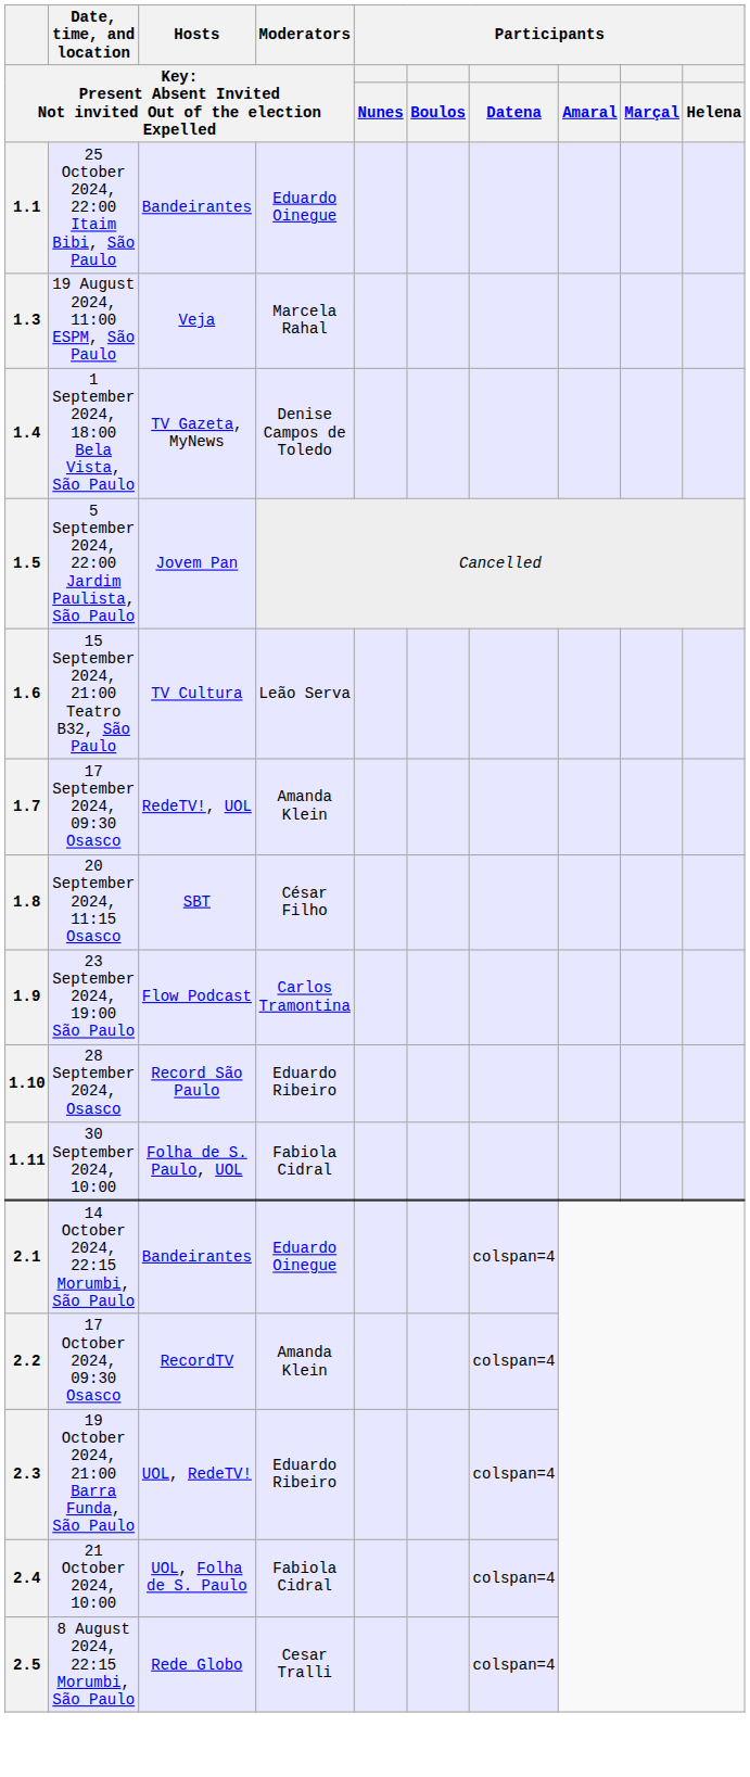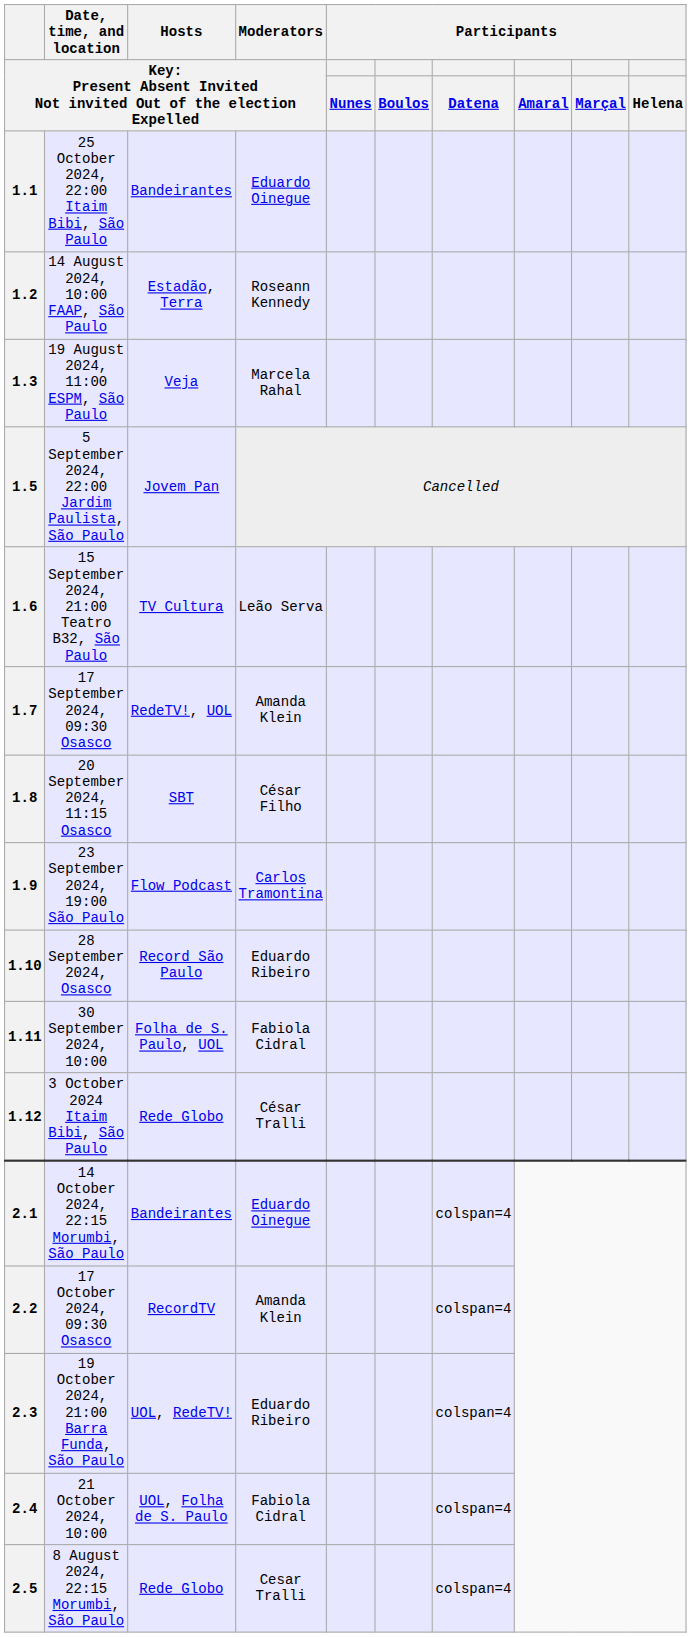 <table class=wikitable style=text-align:center>
 <tr>
 <th></th>
 <th>Date, time, and location</th>
 <th>Hosts</th>
 <th>Moderators</th>
 <th colspan=6 scope=col>Participants</th>
 </tr>
 <tr>
 <th colspan=4 rowspan=2>Key:<br> Present  Absent  Invited<br> Not invited  Out of the election  Expelled</th>
 <th scope=col style=background:><a href='#'></a></th>
 <th scope=col style=background:><a href='#'></a></th>
 <th scope=col style=background:><a href='#'></a></th>
 <th scope=col style=background:><a href='#'></a></th>
 <th scope=col style=background:><a href='#'></a></th>
 <th scope=col style=background:><a href='#'></a></th>
 </tr>
 <tr>
 <th><a href='#'>Nunes</a></th>
 <th><a href='#'>Boulos</a></th>
 <th><a href='#'>Datena</a></th>
 <th><a href='#'>Amaral</a></th>
 <th><a href='#'>Marçal</a></th>
 <th>Helena</th>
 </tr>
 <tr style=background:#e7e7ff>
 <th scope=row style=text-align:center>1.1</th>
 <td style=max-width:12em>25 October 2024, 22:00<br><a href='#'>Itaim Bibi</a>, <a href='#'>São Paulo</a></td>
 <td style=max-width:12em><a href='#'>Bandeirantes</a></td>
 <td style=max-width:16em><a href='#'>Eduardo Oinegue</a></td>
 <td></td>
 <td></td>
 <td></td>
 <td></td>
 <td></td>
 <td></td>
 </tr>
 <tr style=background:#e7e7ff>
-<th scope=row style=text-align:center>1.3</th>
-<td style=max-width:12em>19 August 2024, 11:00<br><a href='#'>ESPM</a>, <a href='#'>São Paulo</a></td>
-<td style=max-width:12em><a href='#'>Veja</a></td>
-<td style=max-width:16em>Marcela Rahal</td>
+<th scope=row style=text-align:center>1.2</th>
+<td style=max-width:12em>14 August 2024, 10:00<br><a href='#'>FAAP</a>, <a href='#'>São Paulo</a></td>
+<td style=max-width:12em><a href='#'>Estadão</a>, <a href='#'>Terra</a></td>
+<td style=max-width:16em>Roseann Kennedy</td>
 <td></td>
 <td></td>
 <td></td>
 <td></td>
 <td></td>
 <td></td>
 </tr>
 <tr style=background:#e7e7ff>
-<th scope=row style=text-align:center>1.4</th>
-<td style=max-width:12em>1 September 2024, 18:00<br><a href='#'>Bela Vista</a>, <a href='#'>São Paulo</a></td>
-<td style=max-width:12em><a href='#'>TV Gazeta</a>, MyNews</td>
-<td style=max-width:16em>Denise Campos de Toledo</td>
+<th scope=row style=text-align:center>1.3</th>
+<td style=max-width:12em>19 August 2024, 11:00<br><a href='#'>ESPM</a>, <a href='#'>São Paulo</a></td>
+<td style=max-width:12em><a href='#'>Veja</a></td>
+<td style=max-width:16em>Marcela Rahal</td>
 <td></td>
 <td></td>
 <td></td>
 <td></td>
 <td></td>
 <td></td>
 </tr>
 <tr style=background:#e7e7ff>
 <th scope=row style=text-align:center>1.5</th>
 <td style=max-width:12em>5 September 2024, 22:00<br><a href='#'>Jardim Paulista</a>, <a href='#'>São Paulo</a></td>
 <td style=max-width:12em><a href='#'>Jovem Pan</a></td>
 <td colspan=7 style=background:#EEE><em>Cancelled</em></td>
 </tr>
 <tr style=background:#e7e7ff>
 <th scope=row style=text-align:center>1.6</th>
 <td style=max-width:12em>15 September 2024, 21:00<br>Teatro B32, <a href='#'>São Paulo</a></td>
 <td style=max-width:12em><a href='#'>TV Cultura</a></td>
 <td style=max-width:16em>Leão Serva</td>
 <td></td>
 <td></td>
 <td></td>
 <td></td>
 <td></td>
 <td></td>
 </tr>
 <tr style=background:#e7e7ff>
 <th scope=row style=text-align:center>1.7</th>
 <td style=max-width:12em>17 September 2024, 09:30<br><a href='#'>Osasco</a></td>
 <td style=max-width:12em><a href='#'>RedeTV!</a>, <a href='#'>UOL</a></td>
 <td style=max-width:16em>Amanda Klein</td>
 <td></td>
 <td></td>
 <td></td>
 <td></td>
 <td></td>
 <td></td>
 </tr>
 <tr style=background:#e7e7ff>
 <th scope=row style=text-align:center>1.8</th>
 <td style=max-width:12em>20 September 2024, 11:15<br><a href='#'>Osasco</a></td>
 <td style=max-width:12em><a href='#'>SBT</a></td>
 <td style=max-width:16em>César Filho</td>
 <td></td>
 <td></td>
 <td></td>
 <td></td>
 <td></td>
 <td></td>
 </tr>
 <tr style=background:#e7e7ff>
 <th scope=row style=text-align:center>1.9</th>
 <td style=max-width:12em>23 September 2024, 19:00<br><a href='#'>São Paulo</a></td>
 <td style=max-width:12em><a href='#'>Flow Podcast</a></td>
 <td style=max-width:16em><a href='#'>Carlos Tramontina</a></td>
 <td></td>
 <td></td>
 <td></td>
 <td></td>
 <td></td>
 <td></td>
 </tr>
 <tr style=background:#e7e7ff>
 <th scope=row style=text-align:center>1.10</th>
 <td style=max-width:12em>28 September 2024, <a href='#'>Osasco</a></td>
 <td style=max-width:12em><a href='#'>Record São Paulo</a></td>
 <td style=max-width:16em>Eduardo Ribeiro</td>
 <td></td>
 <td></td>
 <td></td>
 <td></td>
 <td></td>
 <td></td>
 </tr>
 <tr style=background:#e7e7ff>
 <th scope=row style=text-align:center>1.11</th>
 <td style=max-width:12em>30 September 2024, 10:00</td>
 <td style=max-width:12em><a href='#'>Folha de S. Paulo</a>, <a href='#'>UOL</a></td>
 <td style=max-width:16em>Fabiola Cidral</td>
 <td></td>
 <td></td>
 <td></td>
 <td></td>
 <td></td>
 <td></td>
 </tr>
+<tr style=background:#e7e7ff>
+<th scope=row style=text-align:center>1.12</th>
+<td style=max-width:12em>3 October 2024<br><a href='#'>Itaim Bibi</a>, <a href='#'>São Paulo</a></td>
+<td style=max-width:12em><a href='#'>Rede Globo</a></td>
+<td style=max-width:16em>César Tralli</td>
+<td></td>
+<td></td>
+<td></td>
+<td></td>
+<td></td>
+<td></td>
+</tr>
 <tr style="background:#e7e7ff; border-top: 2px solid #333333">
 <th scope=row style=text-align:center>2.1</th>
 <td style=max-width:12em>14 October 2024, 22:15<br><a href='#'>Morumbi</a>, <a href='#'>São Paulo</a></td>
 <td style=max-width:12em><a href='#'>Bandeirantes</a></td>
 <td style=max-width:16em><a href='#'>Eduardo Oinegue</a></td>
 <td></td>
 <td></td>
 <td>colspan=4 </td>
 </tr>
 <tr style=background:#e7e7ff>
 <th scope=row style=text-align:center>2.2</th>
 <td style=max-width:12em>17 October 2024, 09:30<br><a href='#'>Osasco</a></td>
 <td style=max-width:12em><a href='#'>RecordTV</a></td>
 <td style=max-width:16em>Amanda Klein</td>
 <td></td>
 <td></td>
 <td>colspan=4 </td>
 </tr>
 <tr style=background:#e7e7ff>
 <th scope=row style=text-align:center>2.3</th>
 <td style=max-width:12em>19 October 2024, 21:00<br><a href='#'>Barra Funda</a>, <a href='#'>São Paulo</a></td>
 <td style=max-width:12em><a href='#'>UOL</a>, <a href='#'>RedeTV!</a></td>
 <td style=max-width:16em>Eduardo Ribeiro</td>
 <td></td>
 <td></td>
 <td>colspan=4 </td>
 </tr>
 <tr style=background:#e7e7ff>
 <th scope=row style=text-align:center>2.4</th>
 <td style=max-width:12em>21 October 2024, 10:00</td>
 <td style=max-width:12em><a href='#'>UOL</a>, <a href='#'>Folha de S. Paulo</a></td>
 <td style=max-width:16em>Fabiola Cidral</td>
 <td></td>
 <td></td>
 <td>colspan=4 </td>
 </tr>
 <tr style=background:#e7e7ff>
 <th scope=row style=text-align:center>2.5</th>
 <td style=max-width:12em>8 August 2024, 22:15<br><a href='#'>Morumbi</a>, <a href='#'>São Paulo</a></td>
 <td style=max-width:12em><a href='#'>Rede Globo</a></td>
 <td style=max-width:16em>Cesar Tralli</td>
 <td></td>
 <td></td>
 <td>colspan=4 </td>
 </tr>
 </table>
